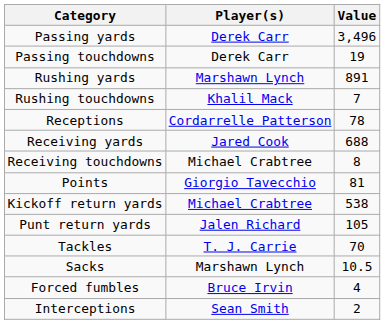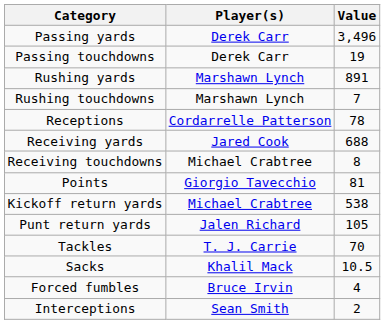 <table class="wikitable" style="text-align:center">
 <tr>
 <th>Category</th>
 <th>Player(s)</th>
 <th>Value</th>
 </tr>
 <tr>
 <td>Passing yards</td>
 <td><a href='#'>Derek Carr</a></td>
 <td>3,496</td>
 </tr>
 <tr>
 <td>Passing touchdowns</td>
 <td>Derek Carr</td>
 <td>19</td>
 </tr>
 <tr>
 <td>Rushing yards</td>
 <td><a href='#'>Marshawn Lynch</a></td>
 <td>891</td>
 </tr>
 <tr>
 <td>Rushing touchdowns</td>
-<td><a href='#'>Khalil Mack</a></td>
+<td>Marshawn Lynch</td>
 <td>7</td>
 </tr>
 <tr>
 <td>Receptions</td>
 <td><a href='#'>Cordarrelle Patterson</a></td>
 <td>78</td>
 </tr>
 <tr>
 <td>Receiving yards</td>
 <td><a href='#'>Jared Cook</a></td>
 <td>688</td>
 </tr>
 <tr>
 <td>Receiving touchdowns</td>
 <td>Michael Crabtree</td>
 <td>8</td>
 </tr>
 <tr>
 <td>Points</td>
 <td><a href='#'>Giorgio Tavecchio</a></td>
 <td>81</td>
 </tr>
 <tr>
 <td>Kickoff return yards</td>
 <td><a href='#'>Michael Crabtree</a></td>
 <td>538</td>
 </tr>
 <tr>
 <td>Punt return yards</td>
 <td><a href='#'>Jalen Richard</a></td>
 <td>105</td>
 </tr>
 <tr>
 <td>Tackles</td>
 <td><a href='#'>T. J. Carrie</a></td>
 <td>70</td>
 </tr>
 <tr>
 <td>Sacks</td>
-<td>Marshawn Lynch</td>
+<td><a href='#'>Khalil Mack</a></td>
 <td>10.5</td>
 </tr>
 <tr>
 <td>Forced fumbles</td>
 <td><a href='#'>Bruce Irvin</a></td>
 <td>4</td>
 </tr>
 <tr>
 <td>Interceptions</td>
 <td><a href='#'>Sean Smith</a></td>
 <td>2</td>
 </tr>
 </table>
